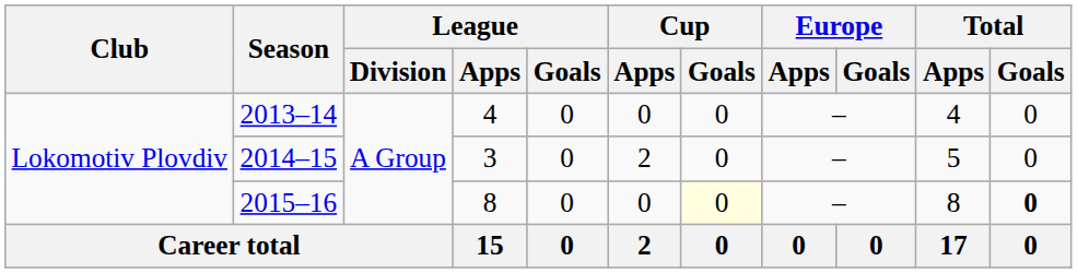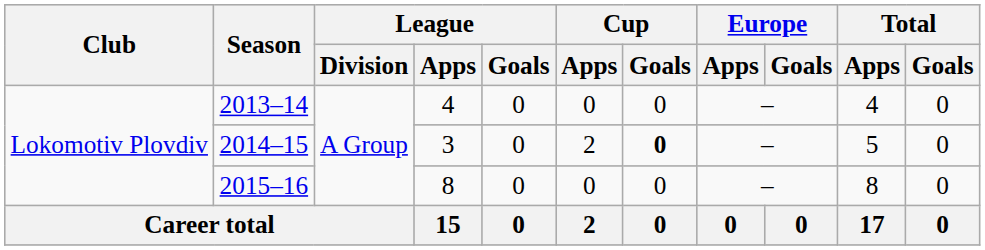 <table class="wikitable" style="text-align: center;">
 <tr>
 <th rowspan="2">Club</th>
 <th rowspan="2">Season</th>
 <th colspan="3">League</th>
 <th colspan="2">Cup</th>
 <th colspan="2"><a href='#'>Europe</a></th>
 <th colspan="2">Total</th>
 </tr>
 <tr>
 <th>Division</th>
 <th>Apps</th>
 <th>Goals</th>
 <th>Apps</th>
 <th>Goals</th>
 <th>Apps</th>
 <th>Goals</th>
 <th>Apps</th>
 <th>Goals</th>
 </tr>
 <tr>
 <td rowspan="3"><a href='#'>Lokomotiv Plovdiv</a></td>
 <td><a href='#'>2013–14</a></td>
 <td rowspan="3"><a href='#'>A Group</a></td>
 <td>4</td>
 <td>0</td>
 <td>0</td>
 <td>0</td>
 <td colspan="2">–</td>
 <td>4</td>
 <td>0</td>
 </tr>
 <tr>
 <td><a href='#'>2014–15</a></td>
 <td>3</td>
 <td>0</td>
 <td>2</td>
-<td>0</td>
+<td><strong>0</strong></td>
 <td colspan="2">–</td>
 <td>5</td>
 <td>0</td>
 </tr>
 <tr>
 <td><a href='#'>2015–16</a></td>
 <td>8</td>
 <td>0</td>
 <td>0</td>
-<td style="background: lightyellow;">0</td>
+<td>0</td>
 <td colspan="2">–</td>
 <td>8</td>
-<td><strong>0</strong></td>
+<td>0</td>
 </tr>
 <tr>
 <th colspan="3">Career total</th>
 <th>15</th>
 <th>0</th>
 <th>2</th>
 <th>0</th>
 <th>0</th>
 <th>0</th>
 <th>17</th>
 <th>0</th>
 </tr>
 </table>
